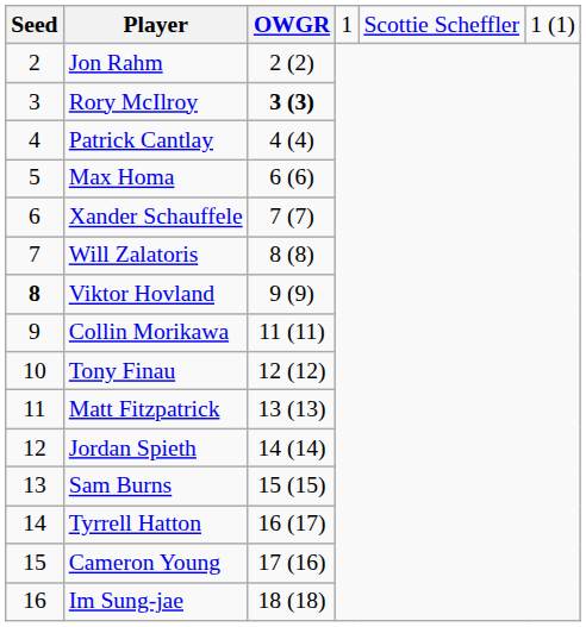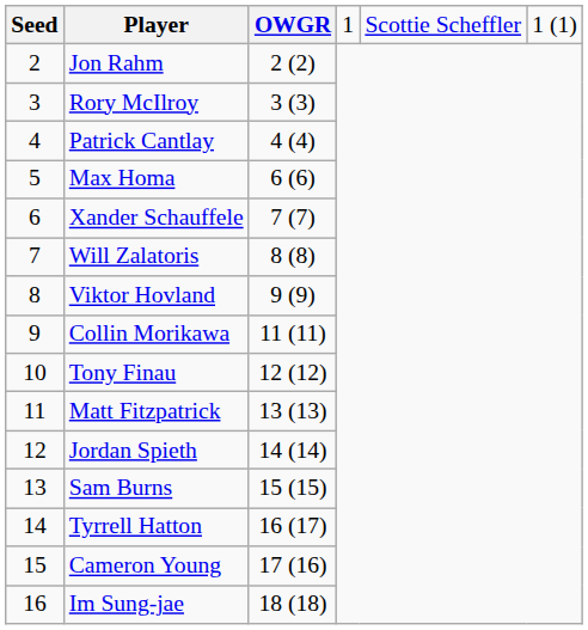 <table class=wikitable style=font-size:85%;text-align:center>
 <tr>
 <th>Seed</th>
 <th>Player</th>
 <th><a href='#'>OWGR</a></th>
 <td>1</td>
 <td style="text-align:left;"> <a href='#'>Scottie Scheffler</a></td>
 <td>1 (1)</td>
 </tr>
 <tr>
 <td>2</td>
 <td style="text-align:left;"> <a href='#'>Jon Rahm</a></td>
 <td>2 (2)</td>
 </tr>
 <tr>
 <td>3</td>
 <td style="text-align:left;"> <a href='#'>Rory McIlroy</a></td>
-<td><strong>3 (3)</strong></td>
+<td>3 (3)</td>
 </tr>
 <tr>
 <td>4</td>
 <td style="text-align:left;"> <a href='#'>Patrick Cantlay</a></td>
 <td>4 (4)</td>
 </tr>
 <tr>
 <td>5</td>
 <td style="text-align:left;"> <a href='#'>Max Homa</a></td>
 <td>6 (6)</td>
 </tr>
 <tr>
 <td>6</td>
 <td style="text-align:left;"> <a href='#'>Xander Schauffele</a></td>
 <td>7 (7)</td>
 </tr>
 <tr>
 <td>7</td>
 <td style="text-align:left;"> <a href='#'>Will Zalatoris</a></td>
 <td>8 (8)</td>
 </tr>
 <tr>
-<td><strong>8</strong></td>
+<td>8</td>
 <td style="text-align:left;"> <a href='#'>Viktor Hovland</a></td>
 <td>9 (9)</td>
 </tr>
 <tr>
 <td>9</td>
 <td style="text-align:left;"> <a href='#'>Collin Morikawa</a></td>
 <td>11 (11)</td>
 </tr>
 <tr>
 <td>10</td>
 <td style="text-align:left;"> <a href='#'>Tony Finau</a></td>
 <td>12 (12)</td>
 </tr>
 <tr>
 <td>11</td>
 <td style="text-align:left;"> <a href='#'>Matt Fitzpatrick</a></td>
 <td>13 (13)</td>
 </tr>
 <tr>
 <td>12</td>
 <td style="text-align:left;"> <a href='#'>Jordan Spieth</a></td>
 <td>14 (14)</td>
 </tr>
 <tr>
 <td>13</td>
 <td style="text-align:left;"> <a href='#'>Sam Burns</a></td>
 <td>15 (15)</td>
 </tr>
 <tr>
 <td>14</td>
 <td style="text-align:left;"> <a href='#'>Tyrrell Hatton</a></td>
 <td>16 (17)</td>
 </tr>
 <tr>
 <td>15</td>
 <td style="text-align:left;"> <a href='#'>Cameron Young</a></td>
 <td>17 (16)</td>
 </tr>
 <tr>
 <td>16</td>
 <td style="text-align:left;"> <a href='#'>Im Sung-jae</a></td>
 <td>18 (18)</td>
 </tr>
 </table>
